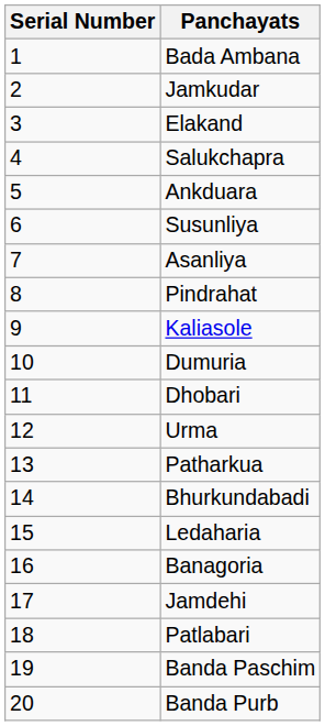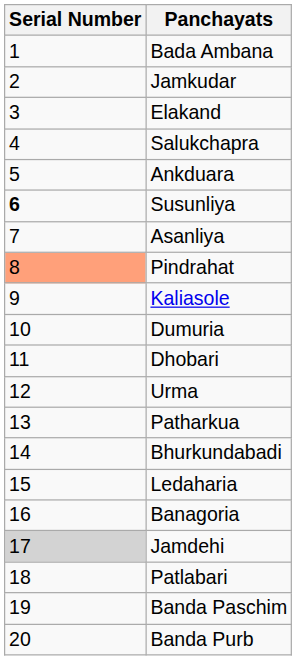 <table class="wikitable sortable mw-collapsible">
 <tr>
 <th>Serial Number</th>
 <th>Panchayats</th>
 </tr>
 <tr>
 <td>1</td>
 <td>Bada Ambana</td>
 </tr>
 <tr>
 <td>2</td>
 <td>Jamkudar</td>
 </tr>
 <tr>
 <td>3</td>
 <td>Elakand</td>
 </tr>
 <tr>
 <td>4</td>
 <td>Salukchapra</td>
 </tr>
 <tr>
 <td>5</td>
 <td>Ankduara</td>
 </tr>
 <tr>
-<td>6</td>
+<td><strong>6</strong></td>
 <td>Susunliya</td>
 </tr>
 <tr>
 <td>7</td>
 <td>Asanliya</td>
 </tr>
 <tr>
-<td>8</td>
+<td style="background: lightsalmon;">8</td>
 <td>Pindrahat</td>
 </tr>
 <tr>
 <td>9</td>
 <td><a href='#'>Kaliasole</a></td>
 </tr>
 <tr>
 <td>10</td>
 <td>Dumuria</td>
 </tr>
 <tr>
 <td>11</td>
 <td>Dhobari</td>
 </tr>
 <tr>
 <td>12</td>
 <td>Urma</td>
 </tr>
 <tr>
 <td>13</td>
 <td>Patharkua</td>
 </tr>
 <tr>
 <td>14</td>
 <td>Bhurkundabadi</td>
 </tr>
 <tr>
 <td>15</td>
 <td>Ledaharia</td>
 </tr>
 <tr>
 <td>16</td>
 <td>Banagoria</td>
 </tr>
 <tr>
-<td>17</td>
+<td style="background: lightgrey;">17</td>
 <td>Jamdehi</td>
 </tr>
 <tr>
 <td>18</td>
 <td>Patlabari</td>
 </tr>
 <tr>
 <td>19</td>
 <td>Banda Paschim</td>
 </tr>
 <tr>
 <td>20</td>
 <td>Banda Purb</td>
 </tr>
 </table>
